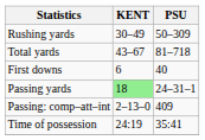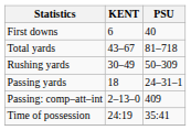 <table class="wikitable" style="float: left;">
 <tr>
 <th>Statistics</th>
 <th>KENT</th>
 <th>PSU</th>
 </tr>
 <tr>
-<td>Rushing yards</td>
-<td>30–49</td>
-<td>50–309</td>
+<td>First downs</td>
+<td>6</td>
+<td>40</td>
 </tr>
 <tr>
 <td>Total yards</td>
 <td>43–67</td>
 <td>81–718</td>
 </tr>
 <tr>
-<td>First downs</td>
-<td>6</td>
-<td>40</td>
+<td>Rushing yards</td>
+<td>30–49</td>
+<td>50–309</td>
 </tr>
 <tr>
 <td>Passing yards</td>
-<td style="background: lightgreen;">18</td>
+<td>18</td>
 <td>24–31–1</td>
 </tr>
 <tr>
 <td>Passing: comp–att–int</td>
 <td>2–13–0</td>
 <td>409</td>
 </tr>
 <tr>
 <td>Time of possession</td>
 <td>24:19</td>
 <td>35:41</td>
 </tr>
 <tr>
 </tr>
 </table>
